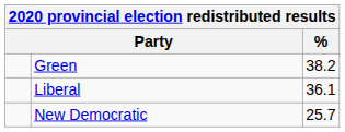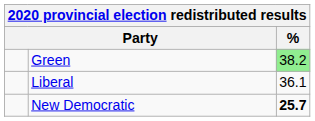 <table class="wikitable">
 <tr>
 <th colspan="4"><a href='#'>2020 provincial election</a> redistributed results</th>
 </tr>
 <tr>
 <th bgcolor="#DDDDFF" width="130px" colspan="2">Party</th>
 <th bgcolor="#DDDDFF" width="30px">%</th>
 </tr>
 <tr>
 <td> </td>
 <td><a href='#'>Green</a></td>
-<td align=right>38.2</td>
+<td align=right style="background: lightgreen;">38.2</td>
 </tr>
 <tr>
 <td> </td>
 <td><a href='#'>Liberal</a></td>
 <td align=right>36.1</td>
 </tr>
 <tr>
 <td> </td>
 <td><a href='#'>New Democratic</a></td>
-<td align=right>25.7</td>
+<td align=right><strong>25.7</strong></td>
 </tr>
 </table>
